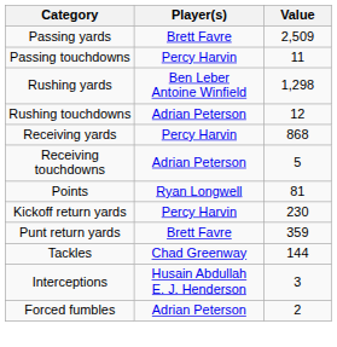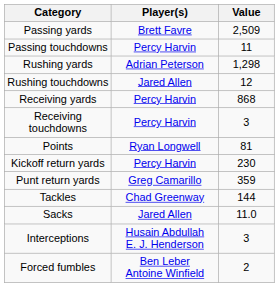 <table class="wikitable" style="text-align:center">
 <tr>
 <th width=150px>Category</th>
 <th width=150px>Player(s)</th>
 <th width=75px>Value</th>
 </tr>
 <tr>
 <td>Passing yards</td>
 <td><a href='#'>Brett Favre</a></td>
 <td>2,509</td>
 </tr>
 <tr>
 <td>Passing touchdowns</td>
 <td><a href='#'>Percy Harvin</a></td>
 <td>11</td>
 </tr>
 <tr>
 <td>Rushing yards</td>
-<td><a href='#'>Ben Leber</a><br><a href='#'>Antoine Winfield</a></td>
+<td><a href='#'>Adrian Peterson</a></td>
 <td>1,298</td>
 </tr>
 <tr>
 <td>Rushing touchdowns</td>
-<td><a href='#'>Adrian Peterson</a></td>
+<td><a href='#'>Jared Allen</a></td>
 <td>12</td>
 </tr>
 <tr>
 <td>Receiving yards</td>
 <td><a href='#'>Percy Harvin</a></td>
 <td>868</td>
 </tr>
 <tr>
 <td>Receiving touchdowns</td>
-<td><a href='#'>Adrian Peterson</a></td>
-<td>5</td>
+<td><a href='#'>Percy Harvin</a></td>
+<td>3</td>
 </tr>
 <tr>
 <td>Points</td>
 <td><a href='#'>Ryan Longwell</a></td>
 <td>81</td>
 </tr>
 <tr>
 <td>Kickoff return yards</td>
 <td><a href='#'>Percy Harvin</a></td>
 <td>230</td>
 </tr>
 <tr>
 <td>Punt return yards</td>
-<td><a href='#'>Brett Favre</a></td>
+<td><a href='#'>Greg Camarillo</a></td>
 <td>359</td>
 </tr>
 <tr>
 <td>Tackles</td>
 <td><a href='#'>Chad Greenway</a></td>
 <td>144</td>
 </tr>
 <tr>
+<td>Sacks</td>
+<td><a href='#'>Jared Allen</a></td>
+<td>11.0</td>
+</tr>
+<tr>
 <td>Interceptions</td>
 <td><a href='#'>Husain Abdullah</a><br><a href='#'>E. J. Henderson</a></td>
 <td>3</td>
 </tr>
 <tr>
 <td>Forced fumbles</td>
-<td><a href='#'>Adrian Peterson</a></td>
+<td><a href='#'>Ben Leber</a><br><a href='#'>Antoine Winfield</a></td>
 <td>2</td>
 </tr>
 </table>
